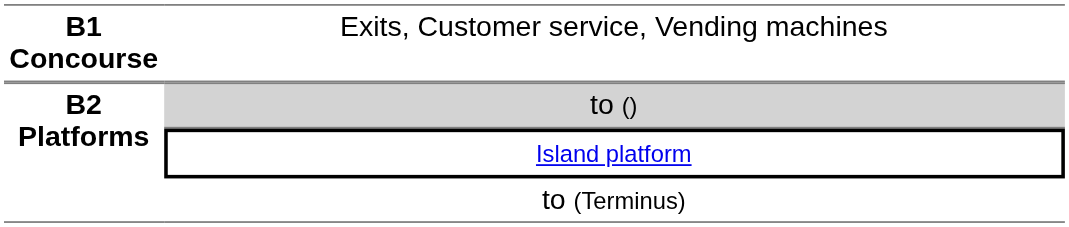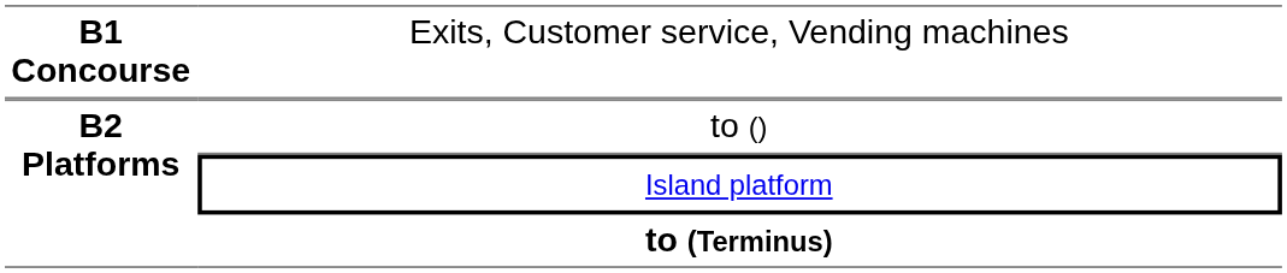 <table table border=0 cellspacing=0 cellpadding=3>
 <tr>
 <td style="border-bottom:solid 1px gray; border-top:solid 1px gray;text-align:center" valign=top><strong>B1<br>Concourse</strong></td>
 <td style="border-bottom:solid 1px gray; border-top:solid 1px gray;text-align:center;" valign=top width=500>Exits, Customer service, Vending machines</td>
 </tr>
 <tr>
 <td style="border-bottom:solid 1px gray; border-top:solid 1px gray;text-align:center" rowspan="3" valign=top><strong>B2<br>Platforms</strong></td>
-<td style="background: lightgrey; border-bottom:solid 1px gray; border-top:solid 1px gray;text-align:center;">  to  <small>()</small></td>
+<td style="border-bottom:solid 1px gray; border-top:solid 1px gray;text-align:center;">  to  <small>()</small></td>
 </tr>
 <tr>
 <td style="border-right:solid 2px black;border-left:solid 2px black;border-top:solid 2px black;border-bottom:solid 2px black;text-align:center;" colspan=2><small><a href='#'>Island platform</a></small></td>
 </tr>
 <tr>
-<td style="border-bottom:solid 1px gray;text-align:center;"> to  <small>(Terminus)</small> </td>
+<td style="border-bottom:solid 1px gray;text-align:center;"><strong> to  <small>(Terminus)</small> </strong></td>
 </tr>
 </table>
